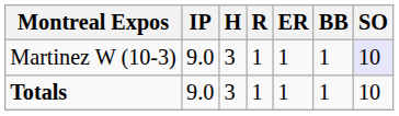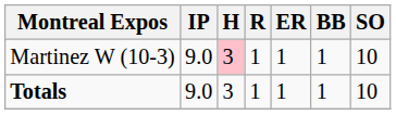 <table class="wikitable sortable">
 <tr>
 <th><strong>Montreal Expos</strong></th>
 <th>IP</th>
 <th>H</th>
 <th>R</th>
 <th>ER</th>
 <th>BB</th>
 <th>SO</th>
 </tr>
 <tr>
 <td>Martinez W (10-3)</td>
 <td>9.0</td>
-<td>3</td>
+<td style="background: pink;">3</td>
 <td>1</td>
 <td>1</td>
 <td>1</td>
-<td style="background: lavender;">10</td>
+<td>10</td>
 </tr>
 <tr>
 <td><strong>Totals</strong></td>
 <td>9.0</td>
 <td>3</td>
 <td>1</td>
 <td>1</td>
 <td>1</td>
 <td>10</td>
 </tr>
 <tr>
 </tr>
 </table>
